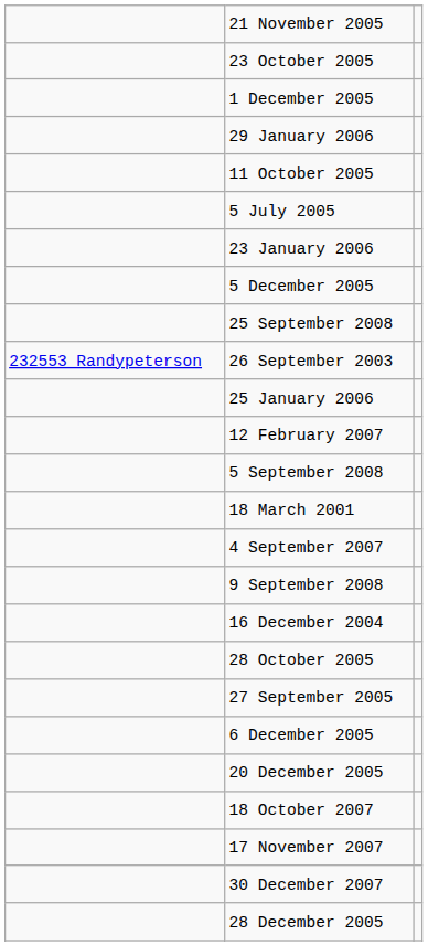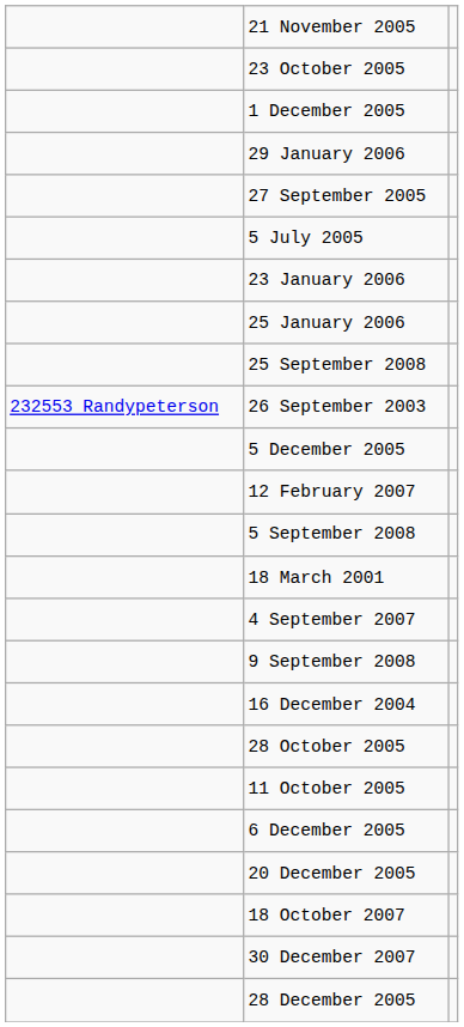 <table class="wikitable" style="font-size: 89%; float: left; width: 26em; margin-right: 1em; line-height: 1.65em !important; height: 675px;">
 <tr>
 <td></td>
 <td>21 November 2005</td>
 <td></td>
 </tr>
 <tr>
 <td></td>
 <td>23 October 2005</td>
 <td></td>
 </tr>
 <tr>
 <td></td>
 <td>1 December 2005</td>
 <td></td>
 </tr>
 <tr>
 <td></td>
 <td>29 January 2006</td>
 <td></td>
 </tr>
 <tr>
 <td></td>
-<td>11 October 2005</td>
+<td>27 September 2005</td>
 <td></td>
 </tr>
 <tr>
 <td></td>
 <td>5 July 2005</td>
 <td></td>
 </tr>
 <tr>
 <td></td>
 <td>23 January 2006</td>
 <td></td>
 </tr>
 <tr>
 <td></td>
-<td>5 December 2005</td>
+<td>25 January 2006</td>
 <td></td>
 </tr>
 <tr>
 <td></td>
 <td>25 September 2008</td>
 <td></td>
 </tr>
 <tr>
 <td><a href='#'>232553 Randypeterson</a></td>
 <td>26 September 2003</td>
 <td></td>
 </tr>
 <tr>
 <td></td>
-<td>25 January 2006</td>
+<td>5 December 2005</td>
 <td></td>
 </tr>
 <tr>
 <td></td>
 <td>12 February 2007</td>
 <td></td>
 </tr>
 <tr>
 <td></td>
 <td>5 September 2008</td>
 <td></td>
 </tr>
 <tr>
 <td></td>
 <td>18 March 2001</td>
 <td></td>
 </tr>
 <tr>
 <td></td>
 <td>4 September 2007</td>
 <td></td>
 </tr>
 <tr>
 <td></td>
 <td>9 September 2008</td>
 <td></td>
 </tr>
 <tr>
 <td></td>
 <td>16 December 2004</td>
 <td></td>
 </tr>
 <tr>
 <td></td>
 <td>28 October 2005</td>
 <td></td>
 </tr>
 <tr>
 <td></td>
-<td>27 September 2005</td>
+<td>11 October 2005</td>
 <td></td>
 </tr>
 <tr>
 <td></td>
 <td>6 December 2005</td>
 <td></td>
 </tr>
 <tr>
 <td></td>
 <td>20 December 2005</td>
 <td></td>
 </tr>
 <tr>
 <td></td>
 <td>18 October 2007</td>
 <td></td>
 </tr>
 <tr>
 <td></td>
-<td>17 November 2007</td>
-<td></td>
-</tr>
-<tr>
-<td></td>
 <td>30 December 2007</td>
 <td></td>
 </tr>
 <tr>
 <td></td>
 <td>28 December 2005</td>
 <td></td>
 </tr>
 </table>
